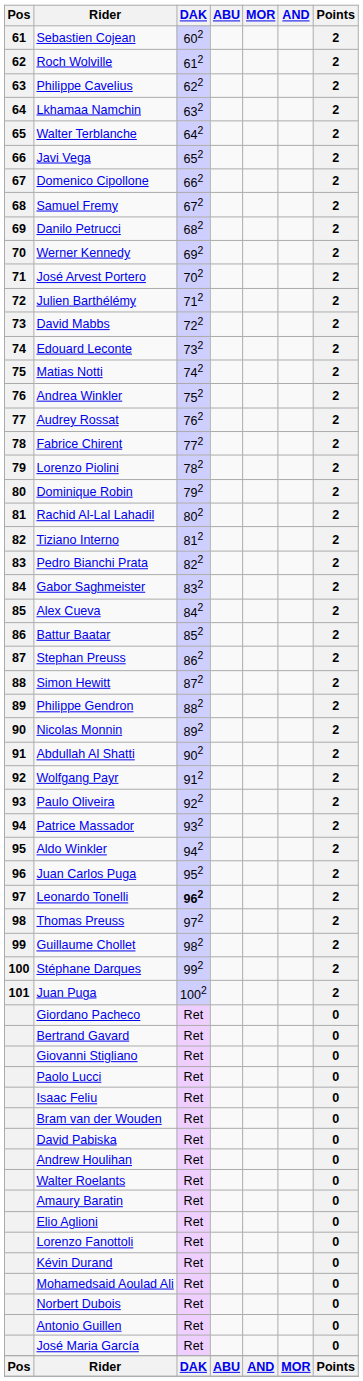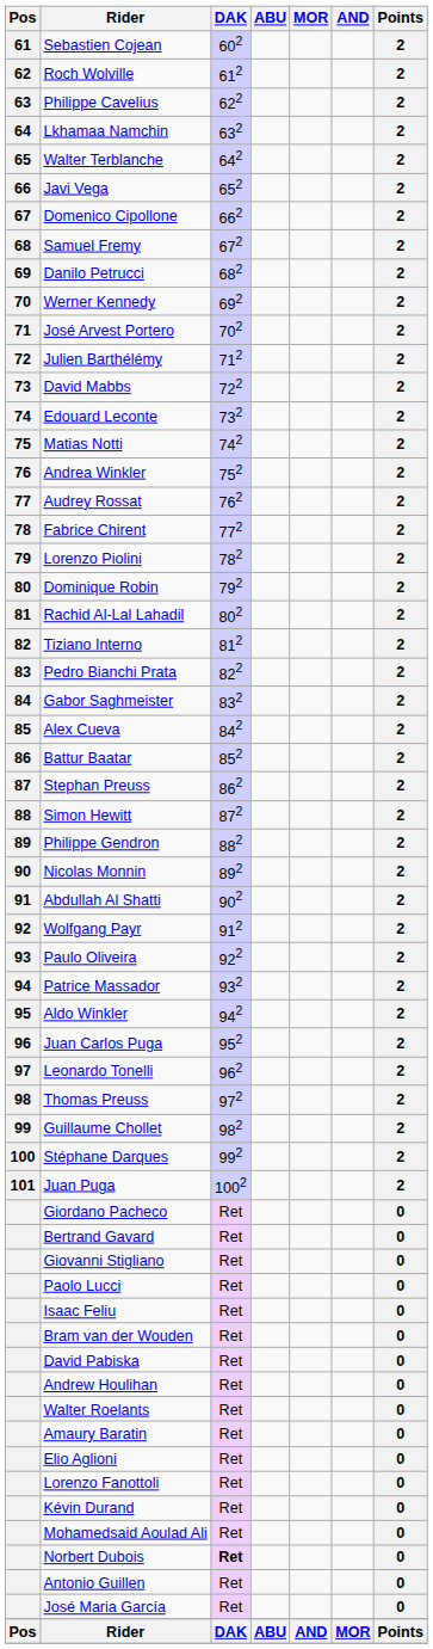 <table class="wikitable" style="font-size: 80%; text-align: center; display: inline-table;">
 <tr valign="top">
 <th valign="middle">Pos</th>
 <th valign="middle">Rider</th>
 <th><a href='#'>DAK</a><br></th>
 <th><a href='#'>ABU</a><br></th>
 <th><a href='#'>MOR</a><br></th>
 <th><a href='#'>AND</a><br></th>
 <th valign="middle">Points</th>
 </tr>
 <tr>
 <th>61</th>
 <td align=left> <a href='#'>Sebastien Cojean</a></td>
 <td style="background:#cfcfff;">60<sup>2</sup></td>
 <td></td>
 <td></td>
 <td></td>
 <th>2</th>
 </tr>
 <tr>
 <th>62</th>
 <td align=left> <a href='#'>Roch Wolville</a></td>
 <td style="background:#cfcfff;">61<sup>2</sup></td>
 <td></td>
 <td></td>
 <td></td>
 <th>2</th>
 </tr>
 <tr>
 <th>63</th>
 <td align=left> <a href='#'>Philippe Cavelius</a></td>
 <td style="background:#cfcfff;">62<sup>2</sup></td>
 <td></td>
 <td></td>
 <td></td>
 <th>2</th>
 </tr>
 <tr>
 <th>64</th>
 <td align=left> <a href='#'>Lkhamaa Namchin</a></td>
 <td style="background:#cfcfff;">63<sup>2</sup></td>
 <td></td>
 <td></td>
 <td></td>
 <th>2</th>
 </tr>
 <tr>
 <th>65</th>
 <td align=left> <a href='#'>Walter Terblanche</a></td>
 <td style="background:#cfcfff;">64<sup>2</sup></td>
 <td></td>
 <td></td>
 <td></td>
 <th>2</th>
 </tr>
 <tr>
 <th>66</th>
 <td align=left> <a href='#'>Javi Vega</a></td>
 <td style="background:#cfcfff;">65<sup>2</sup></td>
 <td></td>
 <td></td>
 <td></td>
 <th>2</th>
 </tr>
 <tr>
 <th>67</th>
 <td align=left> <a href='#'>Domenico Cipollone</a></td>
 <td style="background:#cfcfff;">66<sup>2</sup></td>
 <td></td>
 <td></td>
 <td></td>
 <th>2</th>
 </tr>
 <tr>
 <th>68</th>
 <td align=left> <a href='#'>Samuel Fremy</a></td>
 <td style="background:#cfcfff;">67<sup>2</sup></td>
 <td></td>
 <td></td>
 <td></td>
 <th>2</th>
 </tr>
 <tr>
 <th>69</th>
 <td align=left> <a href='#'>Danilo Petrucci</a></td>
 <td style="background:#cfcfff;">68<sup>2</sup></td>
 <td></td>
 <td></td>
 <td></td>
 <th>2</th>
 </tr>
 <tr>
 <th>70</th>
 <td align=left> <a href='#'>Werner Kennedy</a></td>
 <td style="background:#cfcfff;">69<sup>2</sup></td>
 <td></td>
 <td></td>
 <td></td>
 <th>2</th>
 </tr>
 <tr>
 <th>71</th>
 <td align=left> <a href='#'>José Arvest Portero</a></td>
 <td style="background:#cfcfff;">70<sup>2</sup></td>
 <td></td>
 <td></td>
 <td></td>
 <th>2</th>
 </tr>
 <tr>
 <th>72</th>
 <td align=left> <a href='#'>Julien Barthélémy</a></td>
 <td style="background:#cfcfff;">71<sup>2</sup></td>
 <td></td>
 <td></td>
 <td></td>
 <th>2</th>
 </tr>
 <tr>
 <th>73</th>
 <td align=left> <a href='#'>David Mabbs</a></td>
 <td style="background:#cfcfff;">72<sup>2</sup></td>
 <td></td>
 <td></td>
 <td></td>
 <th>2</th>
 </tr>
 <tr>
 <th>74</th>
 <td align=left> <a href='#'>Edouard Leconte</a></td>
 <td style="background:#cfcfff;">73<sup>2</sup></td>
 <td></td>
 <td></td>
 <td></td>
 <th>2</th>
 </tr>
 <tr>
 <th>75</th>
 <td align=left> <a href='#'>Matias Notti</a></td>
 <td style="background:#cfcfff;">74<sup>2</sup></td>
 <td></td>
 <td></td>
 <td></td>
 <th>2</th>
 </tr>
 <tr>
 <th>76</th>
 <td align=left> <a href='#'>Andrea Winkler</a></td>
 <td style="background:#cfcfff;">75<sup>2</sup></td>
 <td></td>
 <td></td>
 <td></td>
 <th>2</th>
 </tr>
 <tr>
 <th>77</th>
 <td align=left> <a href='#'>Audrey Rossat</a></td>
 <td style="background:#cfcfff;">76<sup>2</sup></td>
 <td></td>
 <td></td>
 <td></td>
 <th>2</th>
 </tr>
 <tr>
 <th>78</th>
 <td align=left> <a href='#'>Fabrice Chirent</a></td>
 <td style="background:#cfcfff;">77<sup>2</sup></td>
 <td></td>
 <td></td>
 <td></td>
 <th>2</th>
 </tr>
 <tr>
 <th>79</th>
 <td align=left> <a href='#'>Lorenzo Piolini</a></td>
 <td style="background:#cfcfff;">78<sup>2</sup></td>
 <td></td>
 <td></td>
 <td></td>
 <th>2</th>
 </tr>
 <tr>
 <th>80</th>
 <td align=left> <a href='#'>Dominique Robin</a></td>
 <td style="background:#cfcfff;">79<sup>2</sup></td>
 <td></td>
 <td></td>
 <td></td>
 <th>2</th>
 </tr>
 <tr>
 <th>81</th>
 <td align=left> <a href='#'>Rachid Al-Lal Lahadil</a></td>
 <td style="background:#cfcfff;">80<sup>2</sup></td>
 <td></td>
 <td></td>
 <td></td>
 <th>2</th>
 </tr>
 <tr>
 <th>82</th>
 <td align=left> <a href='#'>Tiziano Interno</a></td>
 <td style="background:#cfcfff;">81<sup>2</sup></td>
 <td></td>
 <td></td>
 <td></td>
 <th>2</th>
 </tr>
 <tr>
 <th>83</th>
 <td align=left> <a href='#'>Pedro Bianchi Prata</a></td>
 <td style="background:#cfcfff;">82<sup>2</sup></td>
 <td></td>
 <td></td>
 <td></td>
 <th>2</th>
 </tr>
 <tr>
 <th>84</th>
 <td align=left> <a href='#'>Gabor Saghmeister</a></td>
 <td style="background:#cfcfff;">83<sup>2</sup></td>
 <td></td>
 <td></td>
 <td></td>
 <th>2</th>
 </tr>
 <tr>
 <th>85</th>
 <td align=left> <a href='#'>Alex Cueva</a></td>
 <td style="background:#cfcfff;">84<sup>2</sup></td>
 <td></td>
 <td></td>
 <td></td>
 <th>2</th>
 </tr>
 <tr>
 <th>86</th>
 <td align=left> <a href='#'>Battur Baatar</a></td>
 <td style="background:#cfcfff;">85<sup>2</sup></td>
 <td></td>
 <td></td>
 <td></td>
 <th>2</th>
 </tr>
 <tr>
 <th>87</th>
 <td align=left> <a href='#'>Stephan Preuss</a></td>
 <td style="background:#cfcfff;">86<sup>2</sup></td>
 <td></td>
 <td></td>
 <td></td>
 <th>2</th>
 </tr>
 <tr>
 <th>88</th>
 <td align=left> <a href='#'>Simon Hewitt</a></td>
 <td style="background:#cfcfff;">87<sup>2</sup></td>
 <td></td>
 <td></td>
 <td></td>
 <th>2</th>
 </tr>
 <tr>
 <th>89</th>
 <td align=left> <a href='#'>Philippe Gendron</a></td>
 <td style="background:#cfcfff;">88<sup>2</sup></td>
 <td></td>
 <td></td>
 <td></td>
 <th>2</th>
 </tr>
 <tr>
 <th>90</th>
 <td align=left> <a href='#'>Nicolas Monnin</a></td>
 <td style="background:#cfcfff;">89<sup>2</sup></td>
 <td></td>
 <td></td>
 <td></td>
 <th>2</th>
 </tr>
 <tr>
 <th>91</th>
 <td align=left> <a href='#'>Abdullah Al Shatti</a></td>
 <td style="background:#cfcfff;">90<sup>2</sup></td>
 <td></td>
 <td></td>
 <td></td>
 <th>2</th>
 </tr>
 <tr>
 <th>92</th>
 <td align=left> <a href='#'>Wolfgang Payr</a></td>
 <td style="background:#cfcfff;">91<sup>2</sup></td>
 <td></td>
 <td></td>
 <td></td>
 <th>2</th>
 </tr>
 <tr>
 <th>93</th>
 <td align=left> <a href='#'>Paulo Oliveira</a></td>
 <td style="background:#cfcfff;">92<sup>2</sup></td>
 <td></td>
 <td></td>
 <td></td>
 <th>2</th>
 </tr>
 <tr>
 <th>94</th>
 <td align=left> <a href='#'>Patrice Massador</a></td>
 <td style="background:#cfcfff;">93<sup>2</sup></td>
 <td></td>
 <td></td>
 <td></td>
 <th>2</th>
 </tr>
 <tr>
 <th>95</th>
 <td align=left> <a href='#'>Aldo Winkler</a></td>
 <td style="background:#cfcfff;">94<sup>2</sup></td>
 <td></td>
 <td></td>
 <td></td>
 <th>2</th>
 </tr>
 <tr>
 <th>96</th>
 <td align=left> <a href='#'>Juan Carlos Puga</a></td>
 <td style="background:#cfcfff;">95<sup>2</sup></td>
 <td></td>
 <td></td>
 <td></td>
 <th>2</th>
 </tr>
 <tr>
 <th>97</th>
 <td align=left> <a href='#'>Leonardo Tonelli</a></td>
-<td style="background:#cfcfff;"><strong>96<sup>2</sup></strong></td>
+<td style="background:#cfcfff;">96<sup>2</sup></td>
 <td></td>
 <td></td>
 <td></td>
 <th>2</th>
 </tr>
 <tr>
 <th>98</th>
 <td align=left> <a href='#'>Thomas Preuss</a></td>
 <td style="background:#cfcfff;">97<sup>2</sup></td>
 <td></td>
 <td></td>
 <td></td>
 <th>2</th>
 </tr>
 <tr>
 <th>99</th>
 <td align=left> <a href='#'>Guillaume Chollet</a></td>
 <td style="background:#cfcfff;">98<sup>2</sup></td>
 <td></td>
 <td></td>
 <td></td>
 <th>2</th>
 </tr>
 <tr>
 <th>100</th>
 <td align=left> <a href='#'>Stéphane Darques</a></td>
 <td style="background:#cfcfff;">99<sup>2</sup></td>
 <td></td>
 <td></td>
 <td></td>
 <th>2</th>
 </tr>
 <tr>
 <th>101</th>
 <td align=left> <a href='#'>Juan Puga</a></td>
 <td style="background:#cfcfff;">100<sup>2</sup></td>
 <td></td>
 <td></td>
 <td></td>
 <th>2</th>
 </tr>
 <tr>
 <th></th>
 <td align=left> <a href='#'>Giordano Pacheco</a></td>
 <td style="background:#efcfff;">Ret</td>
 <td></td>
 <td></td>
 <td></td>
 <th>0</th>
 </tr>
 <tr>
 <th></th>
 <td align=left> <a href='#'>Bertrand Gavard</a></td>
 <td style="background:#efcfff;">Ret</td>
 <td></td>
 <td></td>
 <td></td>
 <th>0</th>
 </tr>
 <tr>
 <th></th>
 <td align=left> <a href='#'>Giovanni Stigliano</a></td>
 <td style="background:#efcfff;">Ret</td>
 <td></td>
 <td></td>
 <td></td>
 <th>0</th>
 </tr>
 <tr>
 <th></th>
 <td align=left> <a href='#'>Paolo Lucci</a></td>
 <td style="background:#efcfff;">Ret</td>
 <td></td>
 <td></td>
 <td></td>
 <th>0</th>
 </tr>
 <tr>
 <th></th>
 <td align=left> <a href='#'>Isaac Feliu</a></td>
 <td style="background:#efcfff;">Ret</td>
 <td></td>
 <td></td>
 <td></td>
 <th>0</th>
 </tr>
 <tr>
 <th></th>
 <td align=left> <a href='#'>Bram van der Wouden</a></td>
 <td style="background:#efcfff;">Ret</td>
 <td></td>
 <td></td>
 <td></td>
 <th>0</th>
 </tr>
 <tr>
 <th></th>
 <td align=left> <a href='#'>David Pabiska</a></td>
 <td style="background:#efcfff;">Ret</td>
 <td></td>
 <td></td>
 <td></td>
 <th>0</th>
 </tr>
 <tr>
 <th></th>
 <td align=left> <a href='#'>Andrew Houlihan</a></td>
 <td style="background:#efcfff;">Ret</td>
 <td></td>
 <td></td>
 <td></td>
 <th>0</th>
 </tr>
 <tr>
 <th></th>
 <td align=left> <a href='#'>Walter Roelants</a></td>
 <td style="background:#efcfff;">Ret</td>
 <td></td>
 <td></td>
 <td></td>
 <th>0</th>
 </tr>
 <tr>
 <th></th>
 <td align=left> <a href='#'>Amaury Baratin</a></td>
 <td style="background:#efcfff;">Ret</td>
 <td></td>
 <td></td>
 <td></td>
 <th>0</th>
 </tr>
 <tr>
 <th></th>
 <td align=left> <a href='#'>Elio Aglioni</a></td>
 <td style="background:#efcfff;">Ret</td>
 <td></td>
 <td></td>
 <td></td>
 <th>0</th>
 </tr>
 <tr>
 <th></th>
 <td align=left> <a href='#'>Lorenzo Fanottoli</a></td>
 <td style="background:#efcfff;">Ret</td>
 <td></td>
 <td></td>
 <td></td>
 <th>0</th>
 </tr>
 <tr>
 <th></th>
 <td align=left> <a href='#'>Kévin Durand</a></td>
 <td style="background:#efcfff;">Ret</td>
 <td></td>
 <td></td>
 <td></td>
 <th>0</th>
 </tr>
 <tr>
 <th></th>
 <td align=left> <a href='#'>Mohamedsaid Aoulad Ali</a></td>
 <td style="background:#efcfff;">Ret</td>
 <td></td>
 <td></td>
 <td></td>
 <th>0</th>
 </tr>
 <tr>
 <th></th>
 <td align=left> <a href='#'>Norbert Dubois</a></td>
-<td style="background:#efcfff;">Ret</td>
+<td style="background:#efcfff;"><strong>Ret</strong></td>
 <td></td>
 <td></td>
 <td></td>
 <th>0</th>
 </tr>
 <tr>
 <th></th>
 <td align=left> <a href='#'>Antonio Guillen</a></td>
 <td style="background:#efcfff;">Ret</td>
 <td></td>
 <td></td>
 <td></td>
 <th>0</th>
 </tr>
 <tr>
 <th></th>
 <td align=left> <a href='#'>José Maria García</a></td>
 <td style="background:#efcfff;">Ret</td>
 <td></td>
 <td></td>
 <td></td>
 <th>0</th>
 </tr>
 <tr>
 </tr>
 <tr valign="top">
 <th valign="middle">Pos</th>
 <th valign="middle">Rider</th>
 <th><a href='#'>DAK</a><br></th>
 <th><a href='#'>ABU</a><br></th>
 <th><a href='#'>AND</a><br></th>
 <th><a href='#'>MOR</a><br></th>
 <th valign="middle">Points</th>
 </tr>
 <tr>
 </tr>
 </table>
